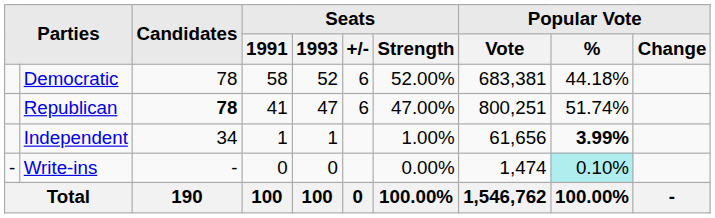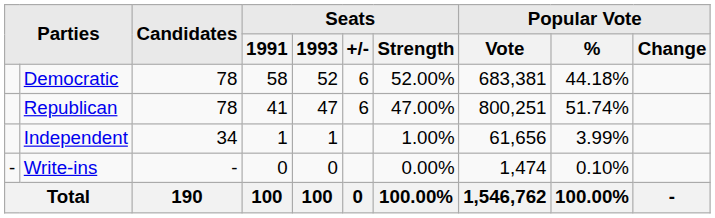 <table class=wikitable>
 <tr>
 <th style="background-color:#E9E9E9" align=center rowspan= 2 colspan=2>Parties</th>
 <th style="background-color:#E9E9E9" align=center rowspan= 2>Candidates</th>
 <th style="background-color:#E9E9E9" align=center colspan=4>Seats</th>
 <th style="background-color:#E9E9E9" align=center colspan=3>Popular Vote</th>
 </tr>
 <tr>
 <th align=center>1991</th>
 <th align=center>1993</th>
 <th align=center>+/-</th>
 <th align=center>Strength</th>
 <th align=center>Vote</th>
 <th align=center>%</th>
 <th align=center>Change</th>
 </tr>
 <tr>
 <td></td>
 <td align=left><a href='#'>Democratic</a></td>
 <td align=right>78</td>
 <td align=right >58</td>
 <td align=right >52</td>
 <td align=right> 6</td>
 <td align=right >52.00%</td>
 <td align=right>683,381</td>
 <td align=right>44.18%</td>
 <td align=right></td>
 </tr>
 <tr>
 <td></td>
 <td align=left><a href='#'>Republican</a></td>
-<td align=right><strong>78</strong></td>
+<td align=right>78</td>
 <td align=right>41</td>
 <td align=right>47</td>
 <td align=right> 6</td>
 <td align=right>47.00%</td>
 <td align=right >800,251</td>
 <td align=right >51.74%</td>
 <td align=right></td>
 </tr>
 <tr>
 <td></td>
 <td><a href='#'>Independent</a></td>
 <td align=right>34</td>
 <td align=right>1</td>
 <td align=right>1</td>
 <td align=right></td>
 <td align=right>1.00%</td>
 <td align=right>61,656</td>
-<td align=right><strong>3.99%</strong></td>
+<td align=right>3.99%</td>
 <td align=right></td>
 </tr>
 <tr>
 <td>-</td>
 <td><a href='#'>Write-ins</a></td>
 <td align=right>-</td>
 <td align=right>0</td>
 <td align=right>0</td>
 <td align=right></td>
 <td align=right>0.00%</td>
 <td align=right>1,474</td>
-<td align=right style="background: paleturquoise;">0.10%</td>
+<td align=right>0.10%</td>
 <td align=right></td>
 </tr>
 <tr>
 <th align=center colspan="2">Total</th>
 <th align=center>190</th>
 <th align=center>100</th>
 <th align=center>100</th>
 <th align=center>0</th>
 <th align=center>100.00%</th>
 <th align=center>1,546,762</th>
 <th align=center>100.00%</th>
 <th align=center>-</th>
 </tr>
 </table>
